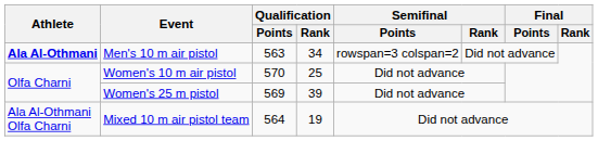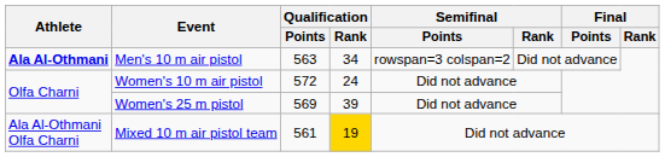 <table class="wikitable" style="font-size:90%">
 <tr>
 <th rowspan="2">Athlete</th>
 <th rowspan="2">Event</th>
 <th colspan=2>Qualification</th>
 <th colspan=2>Semifinal</th>
 <th colspan=2>Final</th>
 </tr>
 <tr style="font-size:95%">
 <th>Points</th>
 <th>Rank</th>
 <th>Points</th>
 <th>Rank</th>
 <th>Points</th>
 <th>Rank</th>
 </tr>
 <tr align=center>
 <td align=left><strong><a href='#'>Ala Al-Othmani</a></strong></td>
 <td align=left><a href='#'>Men's 10 m air pistol</a></td>
 <td>563</td>
 <td>34</td>
 <td>rowspan=3 colspan=2 </td>
 <td align=center colspan="2">Did not advance</td>
 </tr>
 <tr align=center>
 <td align=left rowspan=2><a href='#'>Olfa Charni</a></td>
 <td align=left><a href='#'>Women's 10 m air pistol</a></td>
-<td>570</td>
-<td>25</td>
+<td>572</td>
+<td>24</td>
 <td colspan=2>Did not advance</td>
 </tr>
 <tr align=center>
 <td align=left><a href='#'>Women's 25 m pistol</a></td>
 <td>569</td>
 <td>39</td>
 <td colspan=2>Did not advance</td>
 </tr>
 <tr align=center>
 <td align=left><a href='#'>Ala Al-Othmani</a><br><a href='#'>Olfa Charni</a></td>
 <td align=left><a href='#'>Mixed 10 m air pistol team</a></td>
-<td>564</td>
-<td>19</td>
+<td>561</td>
+<td style="background: gold;">19</td>
 <td colspan=4>Did not advance</td>
 </tr>
 </table>
